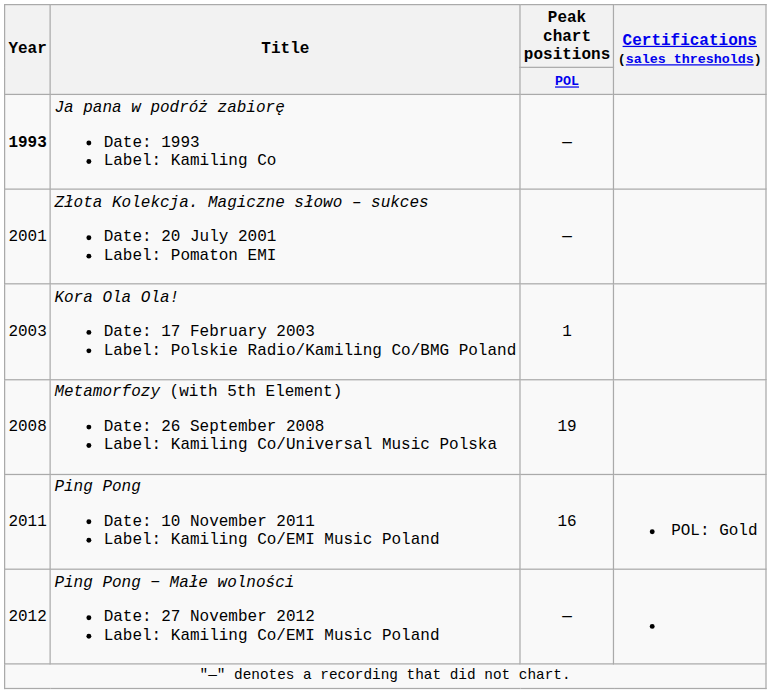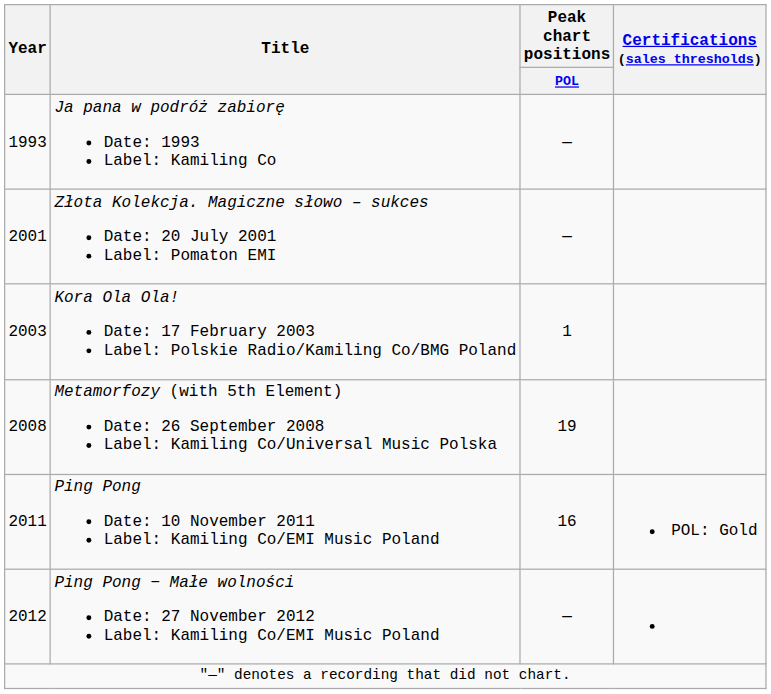 <table class=wikitable style=text-align:center;>
 <tr>
 <th rowspan=2>Year</th>
 <th rowspan=2>Title</th>
 <th>Peak chart positions</th>
 <th rowspan=2><a href='#'>Certifications</a><br><small>(<a href='#'>sales thresholds</a>)</small></th>
 </tr>
 <tr style="vertical-align:top;line-height:1.2">
 <th width=25px><small><a href='#'>POL</a></small><br></th>
 </tr>
 <tr>
-<td><strong>1993</strong></td>
+<td>1993</td>
 <td align=left><em>Ja pana w podróż zabiorę</em><br><ul><li>Date: 1993</li><li>Label: Kamiling Co</li></ul></td>
 <td>—</td>
 <td></td>
 </tr>
 <tr>
 <td>2001</td>
 <td align=left><em>Złota Kolekcja. Magiczne słowo – sukces</em><br><ul><li>Date: 20 July 2001</li><li>Label: Pomaton EMI</li></ul></td>
 <td>—</td>
 <td></td>
 </tr>
 <tr>
 <td>2003</td>
 <td align=left><em>Kora Ola Ola!</em><br><ul><li>Date: 17 February 2003</li><li>Label: Polskie Radio/Kamiling Co/BMG Poland</li></ul></td>
 <td>1</td>
 <td></td>
 </tr>
 <tr>
 <td>2008</td>
 <td align=left><em>Metamorfozy</em> (with 5th Element)<br><ul><li>Date: 26 September 2008</li><li>Label: Kamiling Co/Universal Music Polska</li></ul></td>
 <td>19</td>
 <td></td>
 </tr>
 <tr>
 <td>2011</td>
 <td align=left><em>Ping Pong</em><br><ul><li>Date: 10 November 2011</li><li>Label: Kamiling Co/EMI Music Poland</li></ul></td>
 <td>16</td>
 <td><br><ul><li>POL: Gold</li></ul></td>
 </tr>
 <tr>
 <td>2012</td>
 <td align=left><em>Ping Pong − Małe wolności</em><br><ul><li>Date: 27 November 2012</li><li>Label: Kamiling Co/EMI Music Poland</li></ul></td>
 <td>—</td>
 <td><br><ul><li></li></ul></td>
 </tr>
 <tr>
 <td colspan="5" style="font-size:90%">"—" denotes a recording that did not chart.</td>
 </tr>
 </table>
